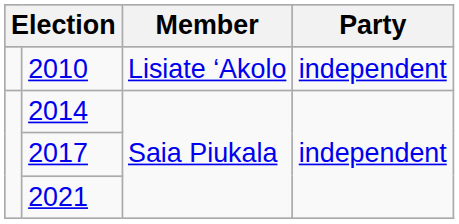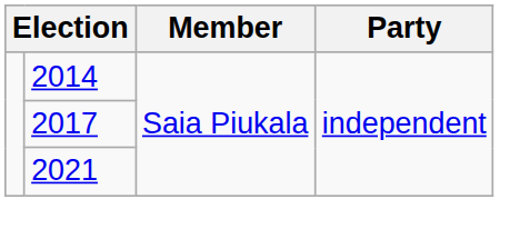 <table class="wikitable">
 <tr>
 <th colspan="2">Election</th>
 <th>Member</th>
 <th>Party</th>
-</tr>
-<tr>
-<td style="background-color: "></td>
-<td><a href='#'>2010</a></td>
-<td><a href='#'>Lisiate ‘Akolo</a></td>
-<td><a href='#'>independent</a></td>
 </tr>
 <tr>
 <td rowspan="3" style="background-color: "></td>
 <td><a href='#'>2014</a></td>
 <td rowspan= "3"><a href='#'>Saia Piukala</a></td>
 <td rowspan= "3"><a href='#'>independent</a></td>
 </tr>
 <tr>
 <td><a href='#'>2017</a></td>
 </tr>
 <tr>
 <td><a href='#'>2021</a></td>
 </tr>
 </table>
